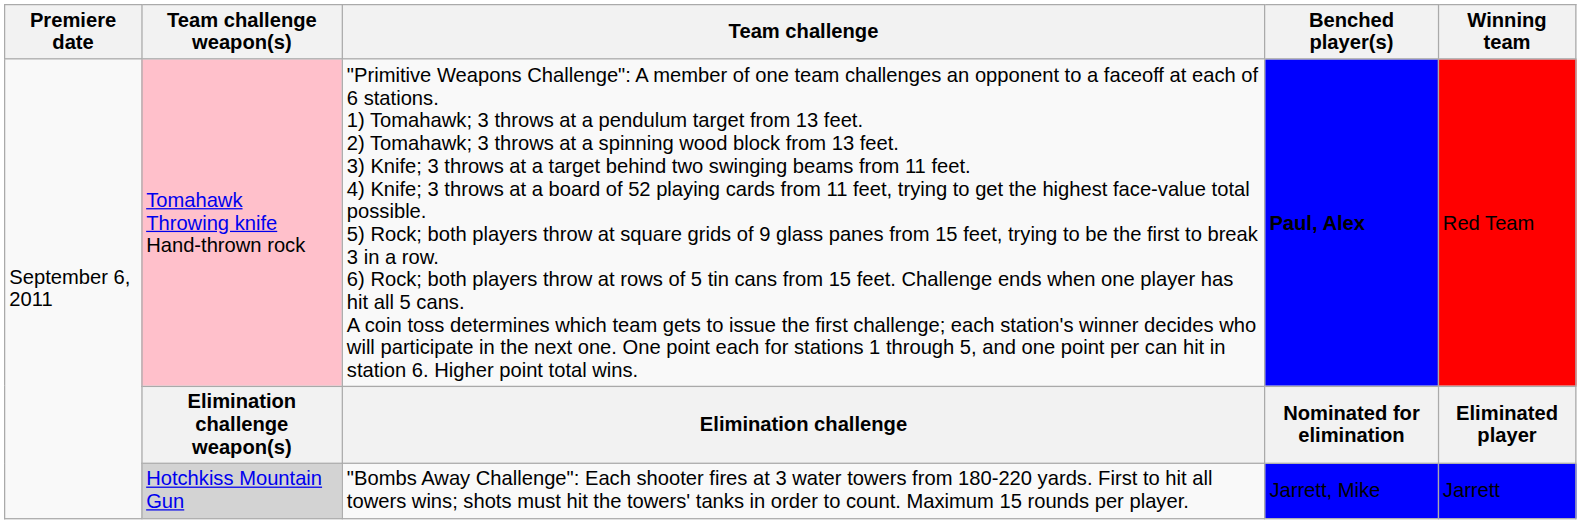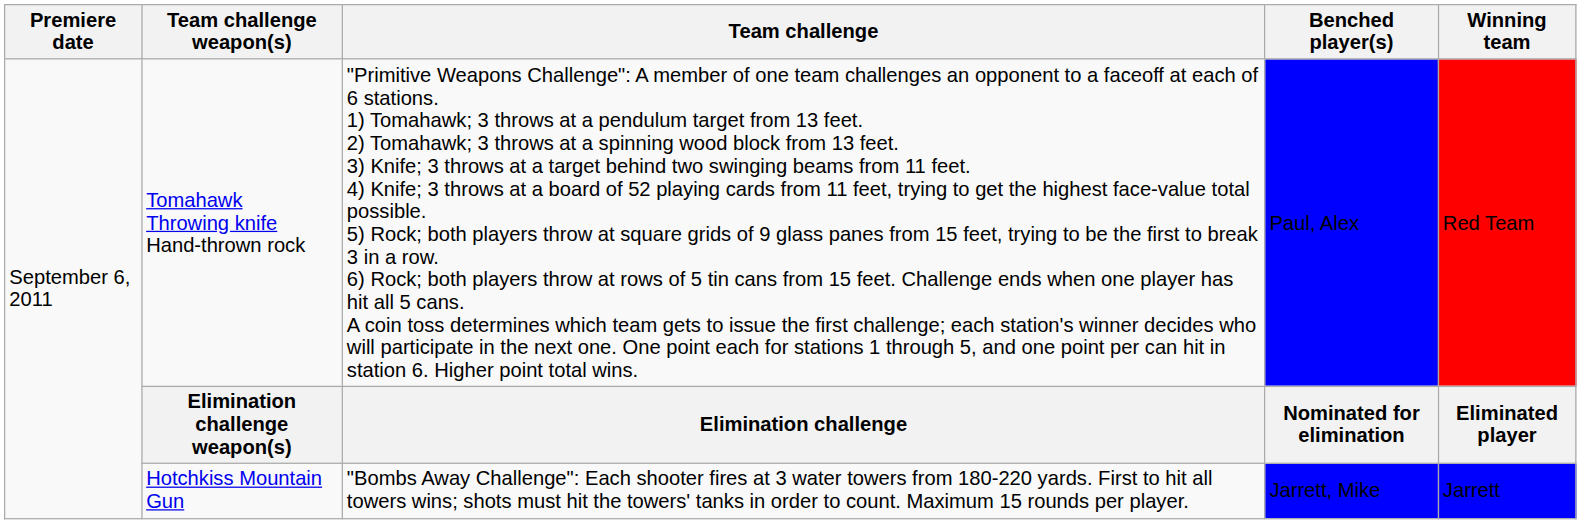 <table class="wikitable">
 <tr>
 <th>Premiere date</th>
 <th>Team challenge weapon(s)</th>
 <th>Team challenge</th>
 <th>Benched player(s)</th>
 <th>Winning team</th>
 </tr>
 <tr>
 <td rowspan="3">September 6, 2011</td>
-<td style="background: pink;"><a href='#'>Tomahawk</a><br><a href='#'>Throwing knife</a><br>Hand-thrown rock</td>
+<td><a href='#'>Tomahawk</a><br><a href='#'>Throwing knife</a><br>Hand-thrown rock</td>
 <td>"Primitive Weapons Challenge": A member of one team challenges an opponent to a faceoff at each of 6 stations.<br>1) Tomahawk; 3 throws at a pendulum target from 13 feet.<br>2) Tomahawk; 3 throws at a spinning wood block from 13 feet.<br>3) Knife; 3 throws at a target behind two swinging beams from 11 feet.<br>4) Knife; 3 throws at a board of 52 playing cards from 11 feet, trying to get the highest face-value total possible.<br>5) Rock; both players throw at square grids of 9 glass panes from 15 feet, trying to be the first to break 3 in a row.<br>6) Rock; both players throw at rows of 5 tin cans from 15 feet. Challenge ends when one player has hit all 5 cans.<br>A coin toss determines which team gets to issue the first challenge; each station's winner decides who will participate in the next one. One point each for stations 1 through 5, and one point per can hit in station 6. Higher point total wins.</td>
-<td style="background:blue;"><strong><span>Paul, Alex</span></strong></td>
+<td style="background:blue;"><span>Paul, Alex</span></td>
 <td style="background:red;"><span>Red Team</span></td>
 </tr>
 <tr>
 <th>Elimination challenge weapon(s)</th>
 <th>Elimination challenge</th>
 <th>Nominated for elimination</th>
 <th>Eliminated player</th>
 </tr>
 <tr>
-<td style="background: lightgrey;"><a href='#'>Hotchkiss Mountain Gun</a></td>
+<td><a href='#'>Hotchkiss Mountain Gun</a></td>
 <td>"Bombs Away Challenge": Each shooter fires at 3 water towers from 180-220 yards. First to hit all towers wins; shots must hit the towers' tanks in order to count. Maximum 15 rounds per player.</td>
 <td style="background:blue;"><span>Jarrett, Mike</span></td>
 <td style="background:blue;"><span>Jarrett</span></td>
 </tr>
 </table>
